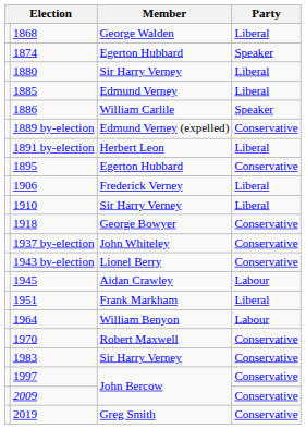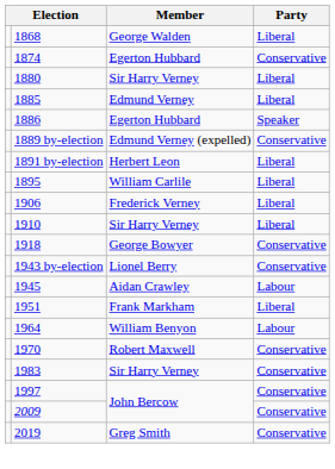 <table class="wikitable">
 <tr>
 <th colspan="2">Election</th>
 <th>Member</th>
 <th>Party</th>
 </tr>
 <tr>
 <td style="color:inherit;background-color: "></td>
 <td><a href='#'>1868</a></td>
 <td><a href='#'>George Walden</a></td>
 <td><a href='#'>Liberal</a></td>
 </tr>
 <tr>
 <td style="color:inherit;background-color: "></td>
 <td><a href='#'>1874</a></td>
 <td><a href='#'>Egerton Hubbard</a></td>
-<td><a href='#'>Speaker</a></td>
+<td><a href='#'>Conservative</a></td>
 </tr>
 <tr>
 <td style="color:inherit;background-color: "></td>
 <td><a href='#'>1880</a></td>
 <td><a href='#'>Sir Harry Verney</a></td>
 <td><a href='#'>Liberal</a></td>
 </tr>
 <tr>
 <td style="color:inherit;background-color: "></td>
 <td><a href='#'>1885</a></td>
 <td><a href='#'>Edmund Verney</a></td>
 <td><a href='#'>Liberal</a></td>
 </tr>
 <tr>
 <td style="color:inherit;background-color: "></td>
 <td><a href='#'>1886</a></td>
-<td><a href='#'>William Carlile</a></td>
+<td><a href='#'>Egerton Hubbard</a></td>
 <td><a href='#'>Speaker</a></td>
 </tr>
 <tr>
 <td style="color:inherit;background-color: "></td>
 <td><a href='#'>1889 by-election</a></td>
 <td><a href='#'>Edmund Verney</a> (expelled)</td>
 <td><a href='#'>Conservative</a></td>
 </tr>
 <tr>
 <td style="color:inherit;background-color: "></td>
 <td><a href='#'>1891 by-election</a></td>
 <td><a href='#'>Herbert Leon</a></td>
 <td><a href='#'>Liberal</a></td>
 </tr>
 <tr>
 <td style="color:inherit;background-color: "></td>
 <td><a href='#'>1895</a></td>
-<td><a href='#'>Egerton Hubbard</a></td>
-<td><a href='#'>Conservative</a></td>
+<td><a href='#'>William Carlile</a></td>
+<td><a href='#'>Liberal</a></td>
 </tr>
 <tr>
 <td style="color:inherit;background-color: "></td>
 <td><a href='#'>1906</a></td>
 <td><a href='#'>Frederick Verney</a></td>
 <td><a href='#'>Liberal</a></td>
 </tr>
 <tr>
 <td style="color:inherit;background-color: "></td>
 <td><a href='#'>1910</a></td>
 <td><a href='#'>Sir Harry Verney</a></td>
 <td><a href='#'>Liberal</a></td>
 </tr>
 <tr>
 <td style="color:inherit;background-color: "></td>
 <td><a href='#'>1918</a></td>
 <td><a href='#'>George Bowyer</a></td>
-<td><a href='#'>Conservative</a></td>
-</tr>
-<tr>
-<td style="color:inherit;background-color: "></td>
-<td><a href='#'>1937 by-election</a></td>
-<td><a href='#'>John Whiteley</a></td>
 <td><a href='#'>Conservative</a></td>
 </tr>
 <tr>
 <td style="color:inherit;background-color: "></td>
 <td><a href='#'>1943 by-election</a></td>
 <td><a href='#'>Lionel Berry</a></td>
 <td><a href='#'>Conservative</a></td>
 </tr>
 <tr>
 <td style="color:inherit;background-color: "></td>
 <td><a href='#'>1945</a></td>
 <td><a href='#'>Aidan Crawley</a></td>
 <td><a href='#'>Labour</a></td>
 </tr>
 <tr>
 <td style="color:inherit;background-color: "></td>
 <td><a href='#'>1951</a></td>
 <td><a href='#'>Frank Markham</a></td>
 <td><a href='#'>Liberal</a></td>
 </tr>
 <tr>
 <td style="color:inherit;background-color: "></td>
 <td><a href='#'>1964</a></td>
 <td><a href='#'>William Benyon</a></td>
 <td><a href='#'>Labour</a></td>
 </tr>
 <tr>
 <td style="color:inherit;background-color: "></td>
 <td><a href='#'>1970</a></td>
 <td><a href='#'>Robert Maxwell</a></td>
 <td><a href='#'>Conservative</a></td>
 </tr>
 <tr>
 <td style="color:inherit;background-color: "></td>
 <td><a href='#'>1983</a></td>
 <td><a href='#'>Sir Harry Verney</a></td>
 <td><a href='#'>Conservative</a></td>
 </tr>
 <tr>
 <td style="color:inherit;background-color: "></td>
 <td><a href='#'>1997</a></td>
 <td rowspan="2"><a href='#'>John Bercow</a></td>
 <td><a href='#'>Conservative</a></td>
 </tr>
 <tr>
 <td style="color:inherit;background-color: "></td>
 <td><em><a href='#'>2009</a></em></td>
 <td><a href='#'>Conservative</a></td>
 </tr>
 <tr>
 <td style="color:inherit;background-color: "></td>
 <td><a href='#'>2019</a></td>
 <td><a href='#'>Greg Smith</a></td>
 <td><a href='#'>Conservative</a></td>
 </tr>
 </table>
